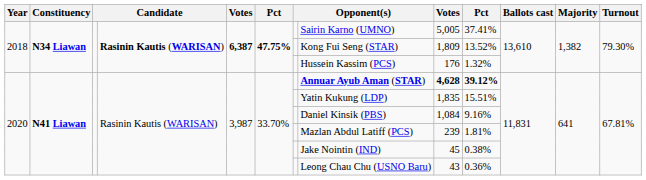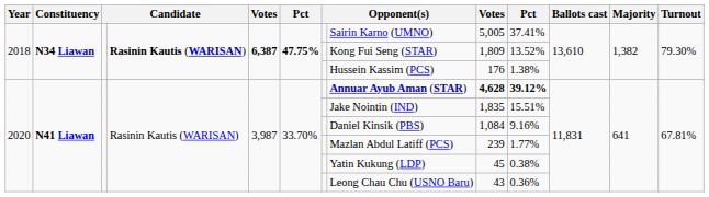 <table class="wikitable" style="margin:0.5em ; font-size:95%">
 <tr>
 <th>Year</th>
 <th>Constituency</th>
 <th colspan=2>Candidate</th>
 <th>Votes</th>
 <th>Pct</th>
 <th colspan=2>Opponent(s)</th>
 <th>Votes</th>
 <th>Pct</th>
 <th>Ballots cast</th>
 <th>Majority</th>
 <th>Turnout</th>
 </tr>
 <tr>
 <td rowspan=3>2018</td>
 <td rowspan=3><strong>N34 <a href='#'>Liawan</a></strong></td>
 <td rowspan=3 ></td>
 <td rowspan=3><strong>Rasinin Kautis</strong> (<a href='#'><strong>WARISAN</strong></a>)</td>
 <td rowspan=3 align="right"><strong>6,387</strong></td>
 <td rowspan=3><strong>47.75%</strong></td>
 <td></td>
 <td><a href='#'>Sairin Karno</a> (<a href='#'>UMNO</a>)</td>
 <td align="right">5,005</td>
 <td>37.41%</td>
 <td rowspan=3>13,610</td>
 <td rowspan=3>1,382</td>
 <td rowspan=3>79.30%</td>
 </tr>
 <tr>
 <td></td>
 <td>Kong Fui Seng (<a href='#'>STAR</a>)</td>
 <td align="right">1,809</td>
 <td>13.52%</td>
 </tr>
 <tr>
 <td></td>
 <td>Hussein Kassim (<a href='#'>PCS</a>)</td>
 <td align="right">176</td>
-<td>1.32%</td>
+<td>1.38%</td>
 </tr>
 <tr>
 <td rowspan=6>2020</td>
 <td rowspan=6><strong>N41 <a href='#'>Liawan</a></strong></td>
 <td rowspan=6 ></td>
 <td rowspan=6>Rasinin Kautis (<a href='#'>WARISAN</a>)</td>
 <td rowspan=6 align="right">3,987</td>
 <td rowspan=6>33.70%</td>
 <td></td>
 <td><strong><a href='#'>Annuar Ayub Aman</a></strong> (<a href='#'><strong>STAR</strong></a>)</td>
 <td align="right"><strong>4,628</strong></td>
 <td><strong>39.12%</strong></td>
 <td rowspan=6>11,831</td>
 <td rowspan=6>641</td>
 <td rowspan=6>67.81%</td>
 </tr>
 <tr>
 <td></td>
-<td>Yatin Kukung (<a href='#'>LDP</a>)</td>
+<td>Jake Nointin (<a href='#'>IND</a>)</td>
 <td align="right">1,835</td>
 <td>15.51%</td>
 </tr>
 <tr>
 <td></td>
 <td>Daniel Kinsik (<a href='#'>PBS</a>)</td>
 <td align="right">1,084</td>
 <td>9.16%</td>
 </tr>
 <tr>
 <td></td>
 <td>Mazlan Abdul Latiff (<a href='#'>PCS</a>)</td>
 <td align="right">239</td>
-<td>1.81%</td>
+<td>1.77%</td>
 </tr>
 <tr>
 <td bgcolor=></td>
-<td>Jake Nointin (<a href='#'>IND</a>)</td>
+<td>Yatin Kukung (<a href='#'>LDP</a>)</td>
 <td align="right">45</td>
 <td>0.38%</td>
 </tr>
 <tr>
 <td bgcolor=></td>
 <td>Leong Chau Chu (<a href='#'>USNO Baru</a>)</td>
 <td align="right">43</td>
 <td>0.36%</td>
 </tr>
 </table>
